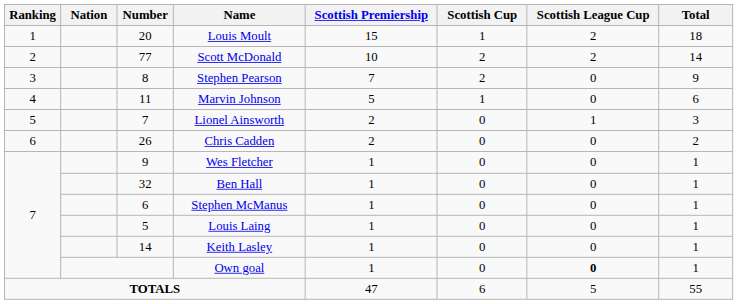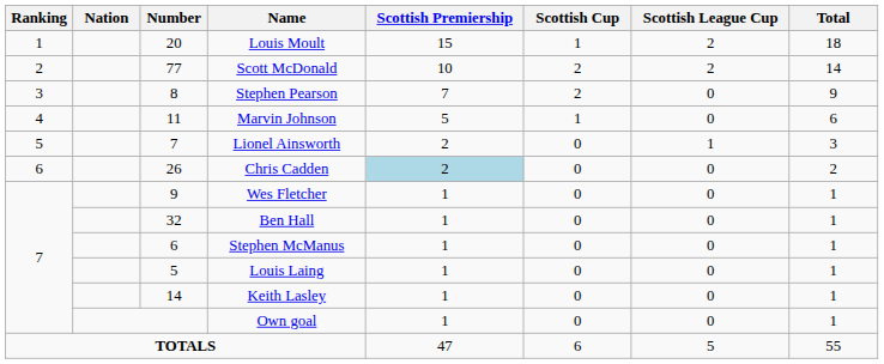 <table class="wikitable" style="font-size: 95%; text-align: center">
 <tr>
 <th width=60>Ranking</th>
 <th width=60>Nation</th>
 <th width=60>Number</th>
 <th width=150>Name</th>
 <th width=150><a href='#'>Scottish Premiership</a></th>
 <th width=100>Scottish Cup</th>
 <th width=150>Scottish League Cup</th>
 <th width=80>Total</th>
 </tr>
 <tr>
 <td>1</td>
 <td></td>
 <td>20</td>
 <td><a href='#'>Louis Moult</a></td>
 <td>15</td>
 <td>1</td>
 <td>2</td>
 <td>18</td>
 </tr>
 <tr>
 <td>2</td>
 <td></td>
 <td>77</td>
 <td><a href='#'>Scott McDonald</a></td>
 <td>10</td>
 <td>2</td>
 <td>2</td>
 <td>14</td>
 </tr>
 <tr>
 <td>3</td>
 <td></td>
 <td>8</td>
 <td><a href='#'>Stephen Pearson</a></td>
 <td>7</td>
 <td>2</td>
 <td>0</td>
 <td>9</td>
 </tr>
 <tr>
 <td>4</td>
 <td></td>
 <td>11</td>
 <td><a href='#'>Marvin Johnson</a></td>
 <td>5</td>
 <td>1</td>
 <td>0</td>
 <td>6</td>
 </tr>
 <tr>
 <td>5</td>
 <td></td>
 <td>7</td>
 <td><a href='#'>Lionel Ainsworth</a></td>
 <td>2</td>
 <td>0</td>
 <td>1</td>
 <td>3</td>
 </tr>
 <tr>
 <td>6</td>
 <td></td>
 <td>26</td>
 <td><a href='#'>Chris Cadden</a></td>
-<td>2</td>
+<td style="background: lightblue;">2</td>
 <td>0</td>
 <td>0</td>
 <td>2</td>
 </tr>
 <tr>
 <td rowspan="6">7</td>
 <td></td>
 <td>9</td>
 <td><a href='#'>Wes Fletcher</a></td>
 <td>1</td>
 <td>0</td>
 <td>0</td>
 <td>1</td>
 </tr>
 <tr>
 <td></td>
 <td>32</td>
 <td><a href='#'>Ben Hall</a></td>
 <td>1</td>
 <td>0</td>
 <td>0</td>
 <td>1</td>
 </tr>
 <tr>
 <td></td>
 <td>6</td>
 <td><a href='#'>Stephen McManus</a></td>
 <td>1</td>
 <td>0</td>
 <td>0</td>
 <td>1</td>
 </tr>
 <tr>
 <td></td>
 <td>5</td>
 <td><a href='#'>Louis Laing</a></td>
 <td>1</td>
 <td>0</td>
 <td>0</td>
 <td>1</td>
 </tr>
 <tr>
 <td></td>
 <td>14</td>
 <td><a href='#'>Keith Lasley</a></td>
 <td>1</td>
 <td>0</td>
 <td>0</td>
 <td>1</td>
 </tr>
 <tr>
 <td colspan="2"></td>
 <td><a href='#'>Own goal</a></td>
 <td>1</td>
 <td>0</td>
-<td><strong>0</strong></td>
+<td>0</td>
 <td>1</td>
 </tr>
 <tr>
 <td colspan="4"><strong>TOTALS</strong></td>
 <td>47</td>
 <td>6</td>
 <td>5</td>
 <td>55</td>
 </tr>
 </table>
